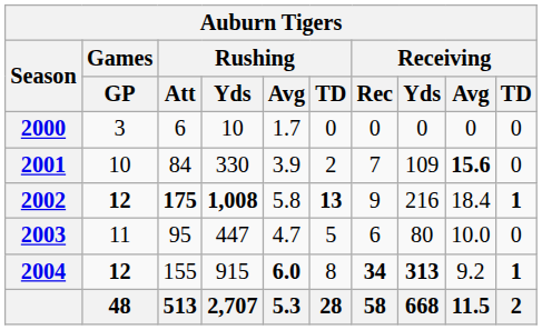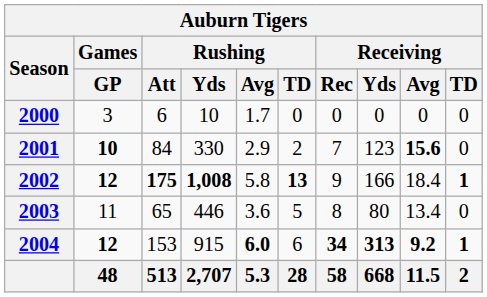 <table class="wikitable" style="text-align:center;">
 <tr>
 <th colspan="15">Auburn Tigers</th>
 </tr>
 <tr>
 <th rowspan="2">Season</th>
 <th colspan="1">Games</th>
 <th colspan="4">Rushing</th>
 <th colspan="4">Receiving</th>
 </tr>
 <tr>
 <th>GP</th>
 <th>Att</th>
 <th>Yds</th>
 <th>Avg</th>
 <th>TD</th>
 <th>Rec</th>
 <th>Yds</th>
 <th>Avg</th>
 <th>TD</th>
 </tr>
 <tr>
 <th><a href='#'>2000</a></th>
 <td>3</td>
 <td>6</td>
 <td>10</td>
 <td>1.7</td>
 <td>0</td>
 <td>0</td>
 <td>0</td>
 <td>0</td>
 <td>0</td>
 </tr>
 <tr>
 <th><a href='#'>2001</a></th>
-<td>10</td>
+<td><strong>10</strong></td>
 <td>84</td>
 <td>330</td>
-<td>3.9</td>
+<td>2.9</td>
 <td>2</td>
 <td>7</td>
-<td>109</td>
+<td>123</td>
 <td><strong>15.6</strong></td>
 <td>0</td>
 </tr>
 <tr>
 <th><a href='#'>2002</a></th>
 <td><strong>12</strong></td>
 <td><strong>175</strong></td>
 <td><strong>1,008</strong></td>
 <td>5.8</td>
 <td><strong>13</strong></td>
 <td>9</td>
-<td>216</td>
+<td>166</td>
 <td>18.4</td>
 <td><strong>1</strong></td>
 </tr>
 <tr>
 <th><a href='#'>2003</a></th>
 <td>11</td>
-<td>95</td>
-<td>447</td>
-<td>4.7</td>
+<td>65</td>
+<td>446</td>
+<td>3.6</td>
 <td>5</td>
-<td>6</td>
+<td>8</td>
 <td>80</td>
-<td>10.0</td>
+<td>13.4</td>
 <td>0</td>
 </tr>
 <tr>
 <th><a href='#'>2004</a></th>
 <td><strong>12</strong></td>
-<td>155</td>
+<td>153</td>
 <td>915</td>
 <td><strong>6.0</strong></td>
-<td>8</td>
+<td>6</td>
 <td><strong>34</strong></td>
 <td><strong>313</strong></td>
-<td>9.2</td>
+<td><strong>9.2</strong></td>
 <td><strong>1</strong></td>
 </tr>
 <tr>
 <th></th>
 <th>48</th>
 <th>513</th>
 <th>2,707</th>
 <th>5.3</th>
 <th>28</th>
 <th>58</th>
 <th>668</th>
 <th>11.5</th>
 <th>2</th>
 </tr>
 </table>
